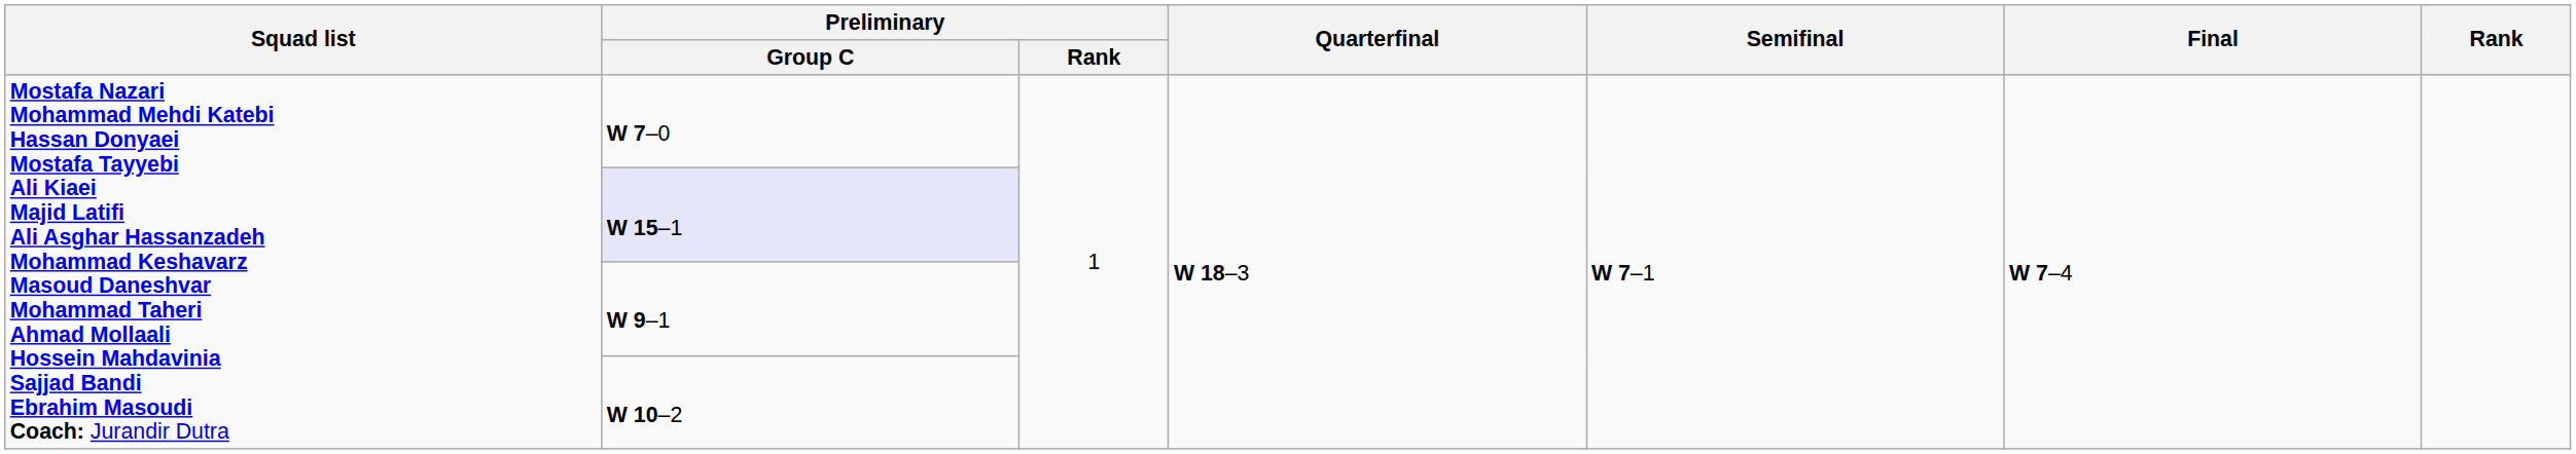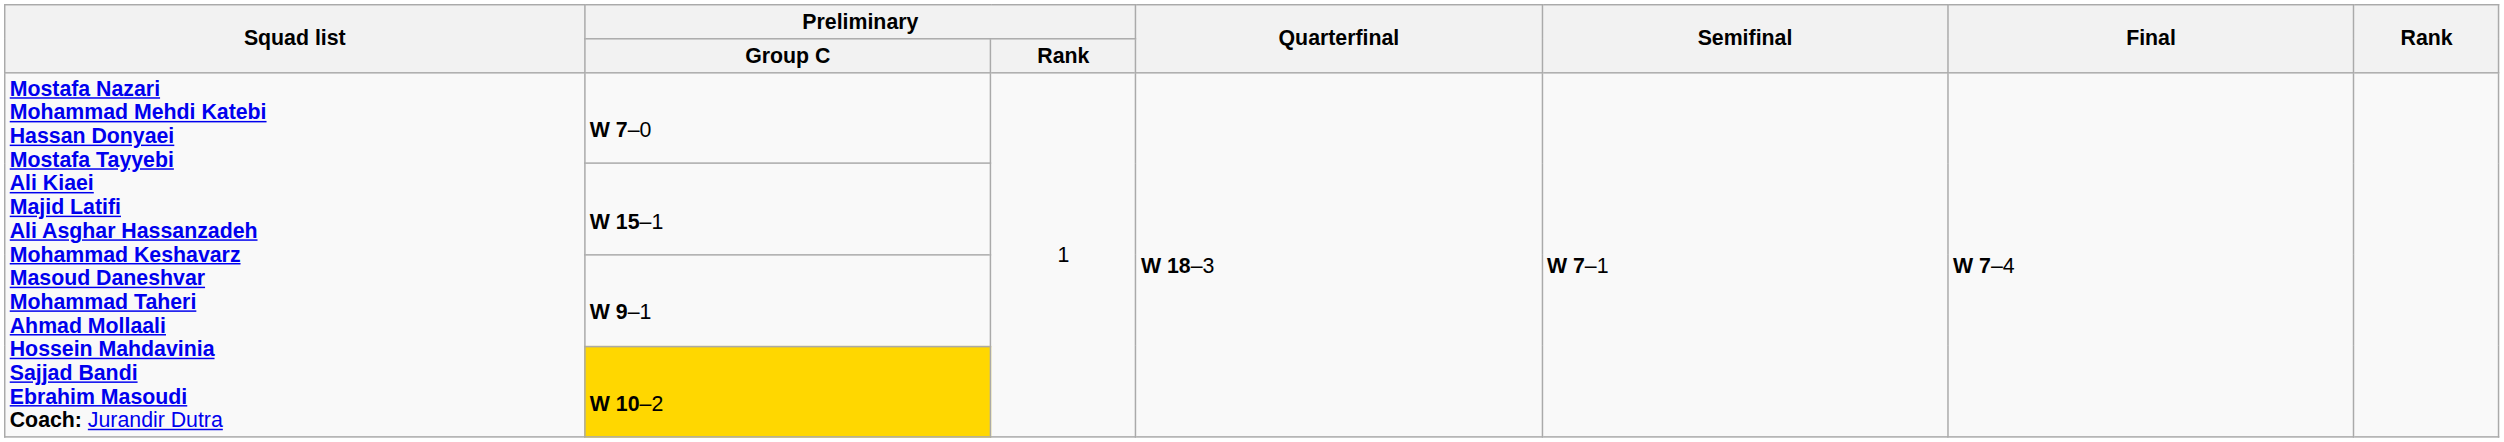 <table class="wikitable" width="85%" style="text-align:left; font-size:90%">
 <tr>
 <th rowspan="2" width="20%">Squad list</th>
 <th colspan="2">Preliminary</th>
 <th rowspan="2" width="14%">Quarterfinal</th>
 <th rowspan="2" width="14%">Semifinal</th>
 <th rowspan="2" width="14%">Final</th>
 <th rowspan="2" width="5%">Rank</th>
 </tr>
 <tr>
 <th width="14%">Group C</th>
 <th width="5%">Rank</th>
 </tr>
 <tr>
 <td rowspan="4"><strong><a href='#'>Mostafa Nazari</a><br><a href='#'>Mohammad Mehdi Katebi</a><br><a href='#'>Hassan Donyaei</a><br><a href='#'>Mostafa Tayyebi</a><br><a href='#'>Ali Kiaei</a><br><a href='#'>Majid Latifi</a><br><a href='#'>Ali Asghar Hassanzadeh</a><br><a href='#'>Mohammad Keshavarz</a><br><a href='#'>Masoud Daneshvar</a><br><a href='#'>Mohammad Taheri</a><br><a href='#'>Ahmad Mollaali</a><br><a href='#'>Hossein Mahdavinia</a><br><a href='#'>Sajjad Bandi</a><br><a href='#'>Ebrahim Masoudi</a><br>Coach:</strong>  <a href='#'>Jurandir Dutra</a></td>
 <td><br><strong>W</strong> <strong>7</strong>–0</td>
 <td rowspan="4" align=center>1 <strong></strong></td>
 <td rowspan="4"><br><strong>W</strong> <strong>18</strong>–3</td>
 <td rowspan="4"><br><strong>W</strong> <strong>7</strong>–1</td>
 <td rowspan="4"><br><strong>W</strong> <strong>7</strong>–4</td>
 <td rowspan="4" align="center"></td>
 </tr>
 <tr>
-<td style="background: lavender;"><br><strong>W</strong> <strong>15</strong>–1</td>
+<td><br><strong>W</strong> <strong>15</strong>–1</td>
 </tr>
 <tr>
 <td><br><strong>W</strong> <strong>9</strong>–1</td>
 </tr>
 <tr>
-<td><br><strong>W</strong> <strong>10</strong>–2</td>
+<td style="background: gold;"><br><strong>W</strong> <strong>10</strong>–2</td>
 </tr>
 </table>
